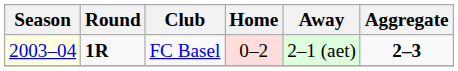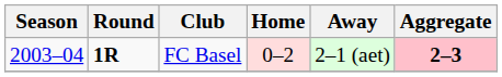 <table class="wikitable">
 <tr>
 <th>Season</th>
 <th>Round</th>
 <th>Club</th>
 <th>Home</th>
 <th>Away</th>
 <th>Aggregate</th>
 </tr>
 <tr>
-<td style="background: lightyellow;"><a href='#'>2003–04</a></td>
+<td><a href='#'>2003–04</a></td>
 <td><strong>1R</strong></td>
 <td> <a href='#'>FC Basel</a></td>
 <td style="text-align:center; background:#fdd;">0–2</td>
 <td style="text-align:center; background:#dfd;">2–1 (aet)</td>
-<td style="text-align:center;"><strong>2–3</strong></td>
+<td style="background: pink; text-align:center;"><strong>2–3</strong></td>
 </tr>
 <tr>
 </tr>
 </table>
